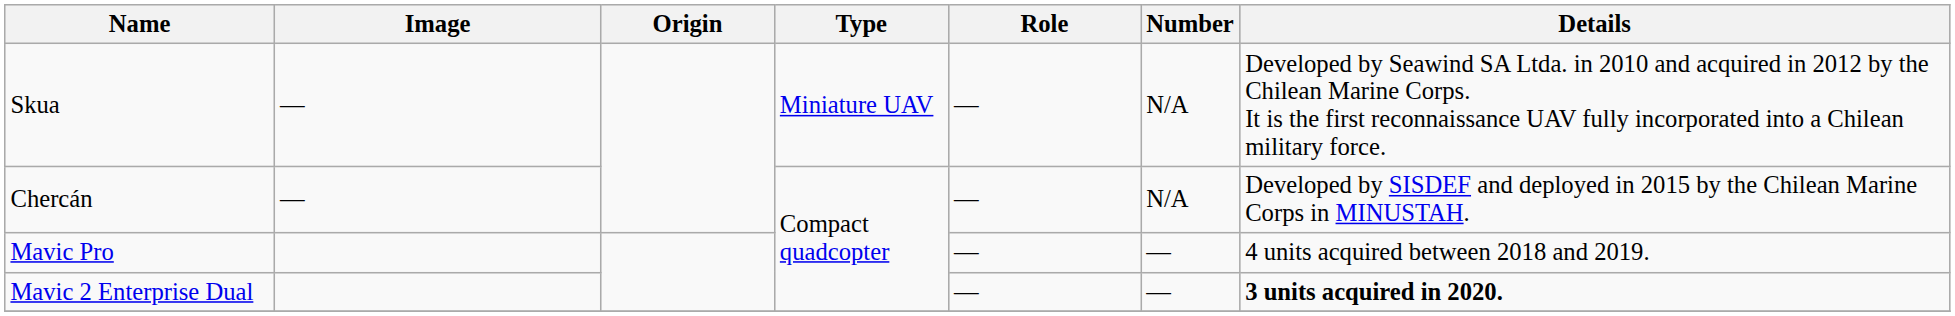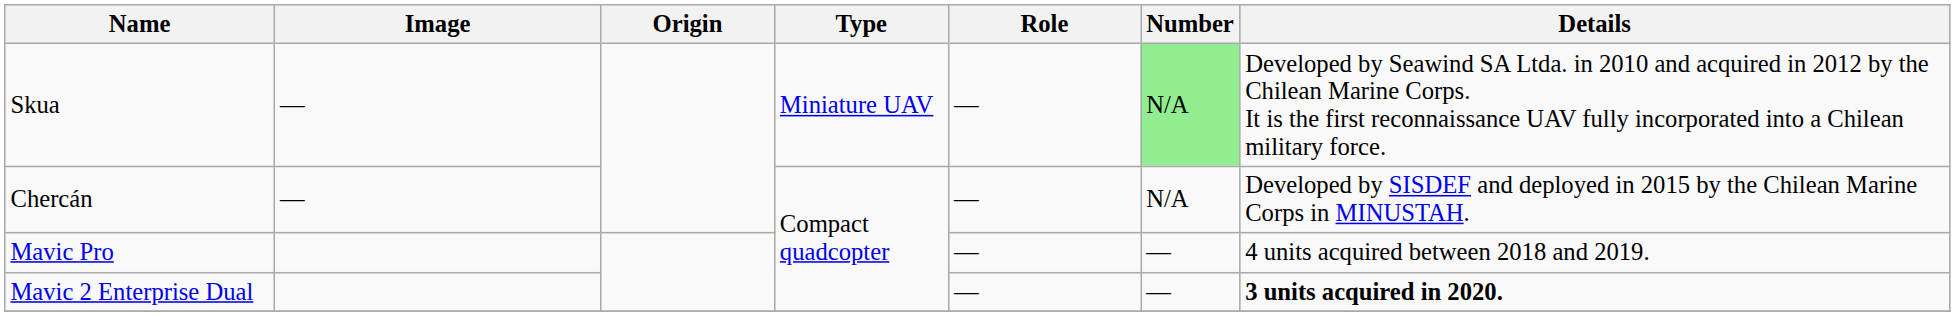 <table class="wikitable" border="0" style="width:100%">
 <tr>
 <th style="text-align: center; width:14%;">Name</th>
 <th style="text-align: center; width:17%;">Image</th>
 <th style="text-align: center; width:9%;">Origin</th>
 <th style="text-align: center; width:9%;">Type</th>
 <th style="text-align: center; width:10%;">Role</th>
 <th style="text-align: center; width:4%;">Number</th>
 <th style="text-align: center; width:43%;">Details</th>
 </tr>
 <tr>
 <td>Skua</td>
 <td>—</td>
 <td rowspan="2"></td>
 <td><a href='#'>Miniature UAV</a></td>
 <td>—</td>
-<td>N/A</td>
+<td style="background: lightgreen;">N/A</td>
 <td>Developed by Seawind SA Ltda. in 2010 and acquired in 2012 by the Chilean Marine Corps.<br>It is the first reconnaissance UAV fully incorporated into a Chilean military force.</td>
 </tr>
 <tr>
 <td>Chercán</td>
 <td>—</td>
 <td rowspan="3">Compact <a href='#'>quadcopter</a></td>
 <td>—</td>
 <td>N/A</td>
 <td>Developed by <a href='#'>SISDEF</a> and deployed in 2015 by the Chilean Marine Corps in <a href='#'>MINUSTAH</a>.</td>
 </tr>
 <tr>
 <td><a href='#'>Mavic Pro</a></td>
 <td></td>
 <td rowspan="2"></td>
 <td>—</td>
 <td>—</td>
 <td>4 units acquired between 2018 and 2019.</td>
 </tr>
 <tr>
 <td><a href='#'>Mavic 2 Enterprise Dual</a></td>
 <td></td>
 <td>—</td>
 <td>—</td>
 <td><strong>3 units acquired in 2020.</strong></td>
 </tr>
 <tr>
 </tr>
 </table>
